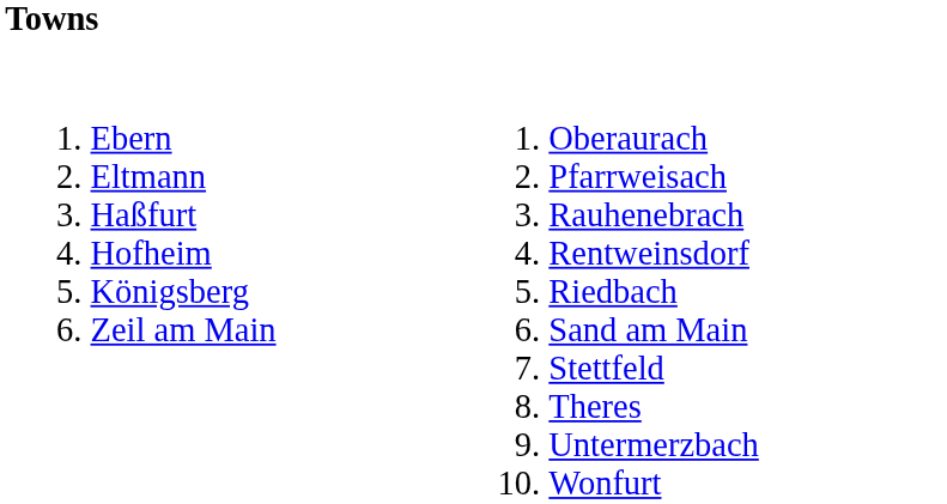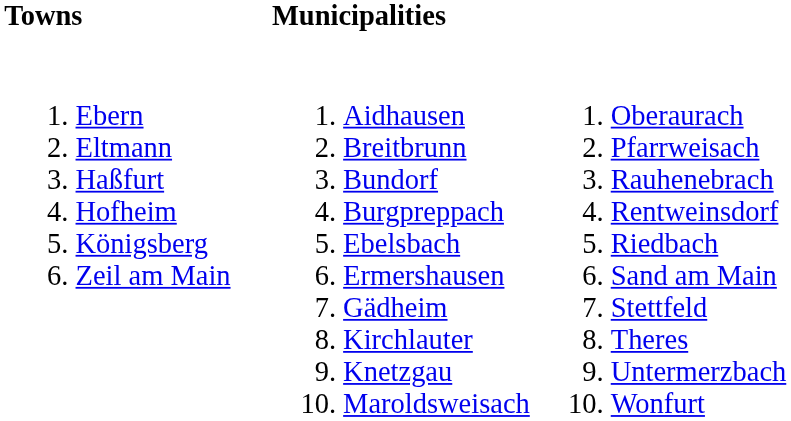 <table>
 <tr>
 <th align=left width=33%>Towns</th>
+<th align=left width=33%>Municipalities</th>
 <th align=left width=33%></th>
 </tr>
 <tr valign=top>
 <td><br><ol><li><a href='#'>Ebern</a></li><li><a href='#'>Eltmann</a></li><li><a href='#'>Haßfurt</a></li><li><a href='#'>Hofheim</a></li><li><a href='#'>Königsberg</a></li><li><a href='#'>Zeil am Main</a></li></ol></td>
+<td><br><ol><li><a href='#'>Aidhausen</a></li><li><a href='#'>Breitbrunn</a></li><li><a href='#'>Bundorf</a></li><li><a href='#'>Burgpreppach</a></li><li><a href='#'>Ebelsbach</a></li><li><a href='#'>Ermershausen</a></li><li><a href='#'>Gädheim</a></li><li><a href='#'>Kirchlauter</a></li><li><a href='#'>Knetzgau</a></li><li><a href='#'>Maroldsweisach</a></li></ol></td>
 <td><br><ol> <li><a href='#'>Oberaurach</a> <li><a href='#'>Pfarrweisach</a> <li><a href='#'>Rauhenebrach</a> <li><a href='#'>Rentweinsdorf</a> <li><a href='#'>Riedbach</a> <li><a href='#'>Sand am Main</a> <li><a href='#'>Stettfeld</a> <li><a href='#'>Theres</a> <li><a href='#'>Untermerzbach</a> <li><a href='#'>Wonfurt</a> </ol></td>
 </tr>
 </table>
